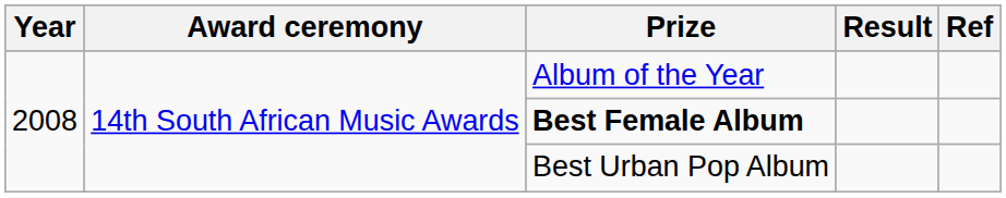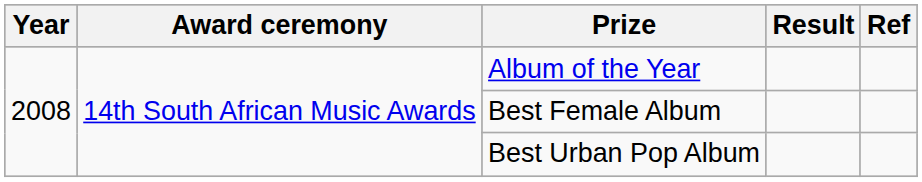 <table class ="wikitable">
 <tr>
 <th>Year</th>
 <th>Award ceremony</th>
 <th>Prize</th>
 <th>Result</th>
 <th>Ref</th>
 </tr>
 <tr>
 <td rowspan="3">2008</td>
 <td rowspan="3"><a href='#'>14th South African Music Awards</a></td>
 <td><a href='#'>Album of the Year</a></td>
 <td></td>
 <td></td>
 </tr>
 <tr>
-<td><strong>Best Female Album</strong></td>
+<td>Best Female Album</td>
 <td></td>
 <td></td>
 </tr>
 <tr>
 <td>Best Urban Pop Album</td>
 <td></td>
 <td></td>
 </tr>
 </table>
